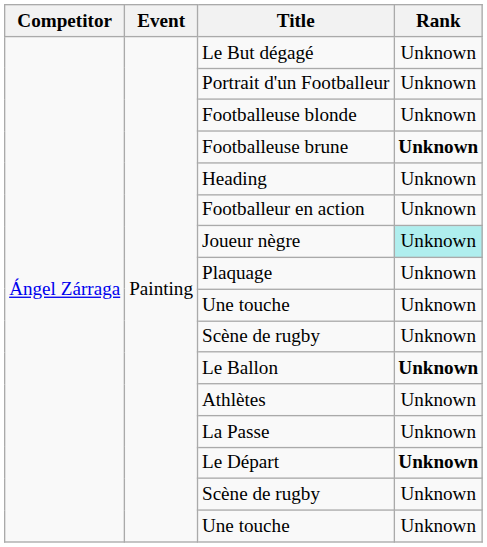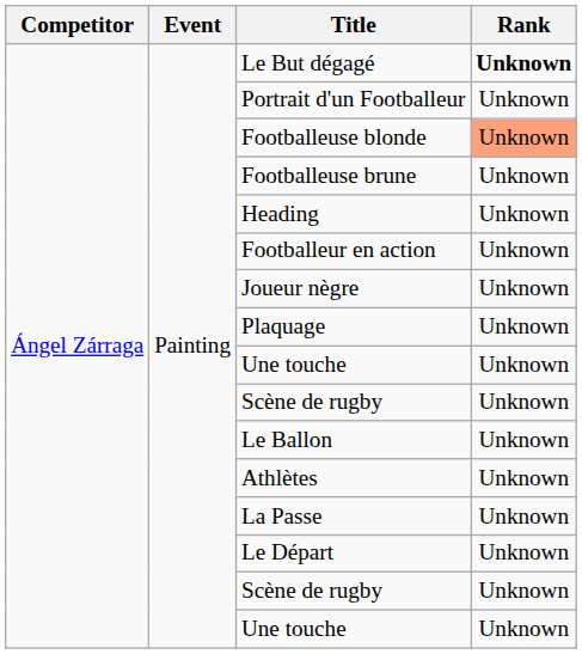 <table class=wikitable style="font-size:90%">
 <tr>
 <th>Competitor</th>
 <th>Event</th>
 <th>Title</th>
 <th>Rank</th>
 </tr>
 <tr align=center>
 <td rowspan=16><a href='#'>Ángel Zárraga</a></td>
 <td rowspan=16>Painting</td>
 <td align=left>Le But dégagé</td>
-<td>Unknown</td>
+<td><strong>Unknown</strong></td>
 </tr>
 <tr align=center>
 <td align=left>Portrait d'un Footballeur</td>
 <td>Unknown</td>
 </tr>
 <tr align=center>
 <td align=left>Footballeuse blonde</td>
-<td>Unknown</td>
+<td style="background: lightsalmon;">Unknown</td>
 </tr>
 <tr align=center>
 <td align=left>Footballeuse brune</td>
-<td><strong>Unknown</strong></td>
+<td>Unknown</td>
 </tr>
 <tr align=center>
 <td align=left>Heading</td>
 <td>Unknown</td>
 </tr>
 <tr align=center>
 <td align=left>Footballeur en action</td>
 <td>Unknown</td>
 </tr>
 <tr align=center>
 <td align=left>Joueur nègre</td>
-<td style="background: paleturquoise;">Unknown</td>
+<td>Unknown</td>
 </tr>
 <tr align=center>
 <td align=left>Plaquage</td>
 <td>Unknown</td>
 </tr>
 <tr align=center>
 <td align=left>Une touche</td>
 <td>Unknown</td>
 </tr>
 <tr align=center>
 <td align=left>Scène de rugby</td>
 <td>Unknown</td>
 </tr>
 <tr align=center>
 <td align=left>Le Ballon</td>
-<td><strong>Unknown</strong></td>
+<td>Unknown</td>
 </tr>
 <tr align=center>
 <td align=left>Athlètes</td>
 <td>Unknown</td>
 </tr>
 <tr align=center>
 <td align=left>La Passe</td>
 <td>Unknown</td>
 </tr>
 <tr align=center>
 <td align=left>Le Départ</td>
-<td><strong>Unknown</strong></td>
+<td>Unknown</td>
 </tr>
 <tr align=center>
 <td align=left>Scène de rugby</td>
 <td>Unknown</td>
 </tr>
 <tr align=center>
 <td align=left>Une touche</td>
 <td>Unknown</td>
 </tr>
 </table>
